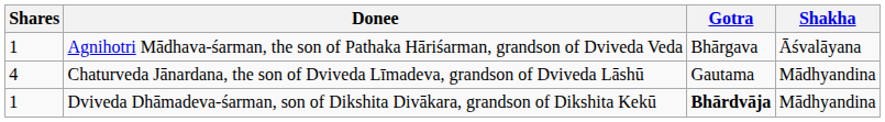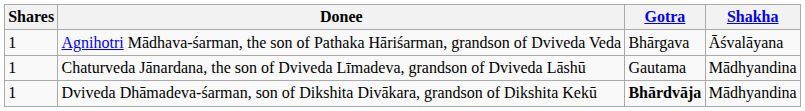 <table class="wikitable">
 <tr>
 <th>Shares</th>
 <th>Donee</th>
 <th><a href='#'>Gotra</a></th>
 <th><a href='#'>Shakha</a></th>
 </tr>
 <tr>
 <td>1</td>
 <td><a href='#'>Agnihotri</a> Mādhava-śarman, the son of Pathaka Hāriśarman, grandson of Dviveda Veda</td>
 <td>Bhārgava</td>
 <td>Āśvalāyana</td>
 </tr>
 <tr>
-<td>4</td>
+<td>1</td>
 <td>Chaturveda Jānardana, the son of Dviveda Līmadeva, grandson of Dviveda Lāshū</td>
 <td>Gautama</td>
 <td>Mādhyandina</td>
 </tr>
 <tr>
 <td>1</td>
 <td>Dviveda Dhāmadeva-śarman, son of Dikshita Divākara, grandson of Dikshita Kekū</td>
 <td><strong>Bhārdvāja</strong></td>
 <td>Mādhyandina</td>
 </tr>
 </table>
